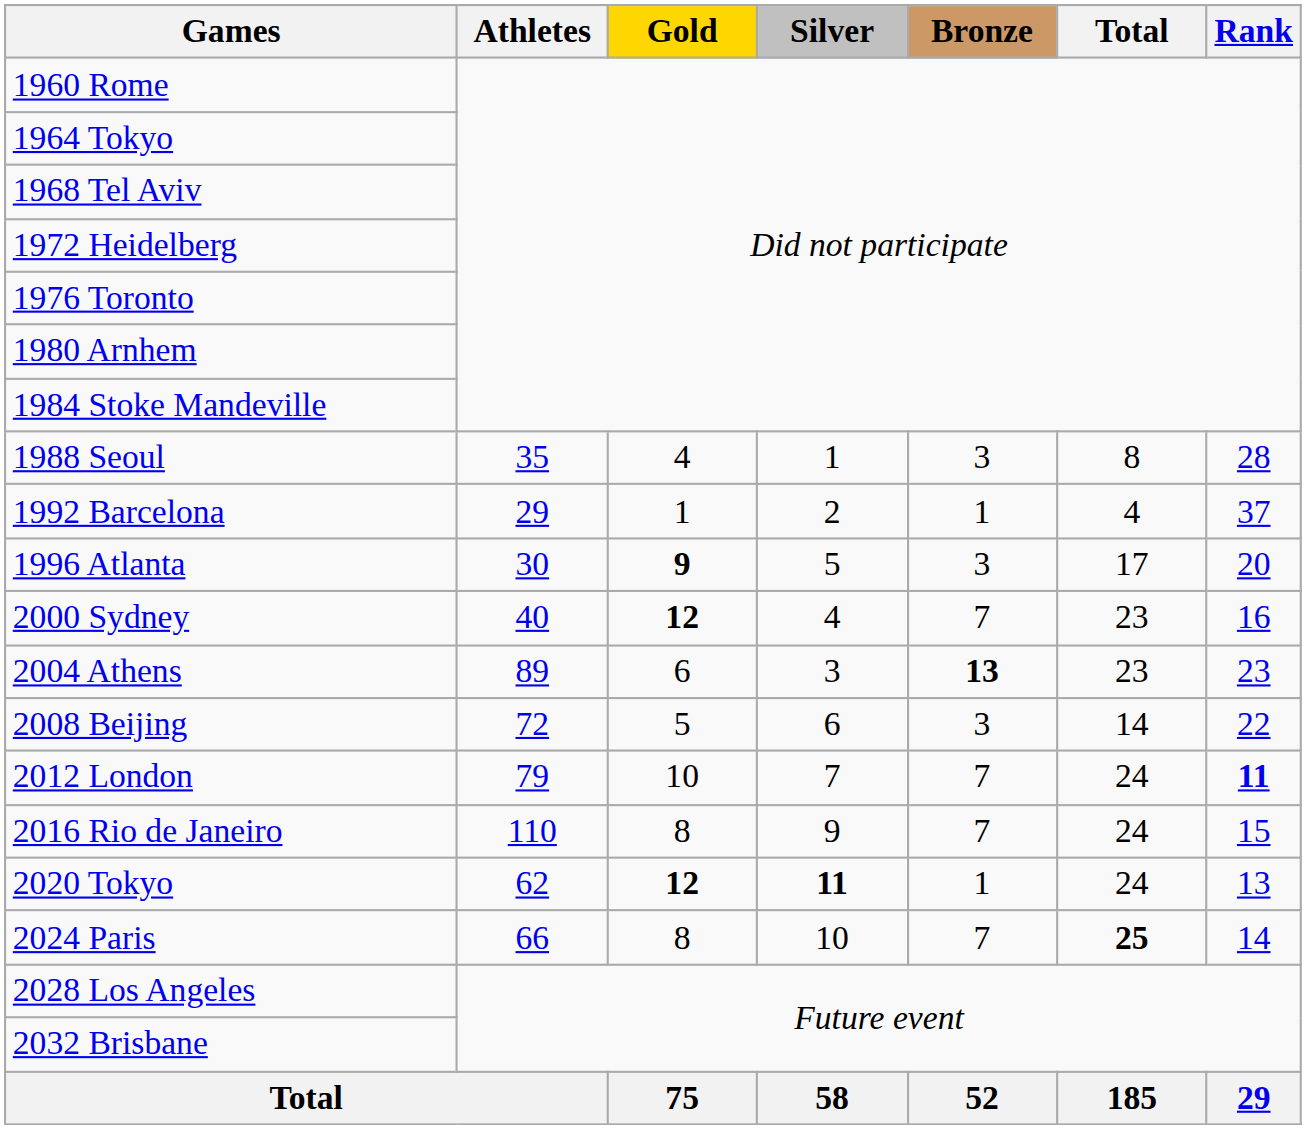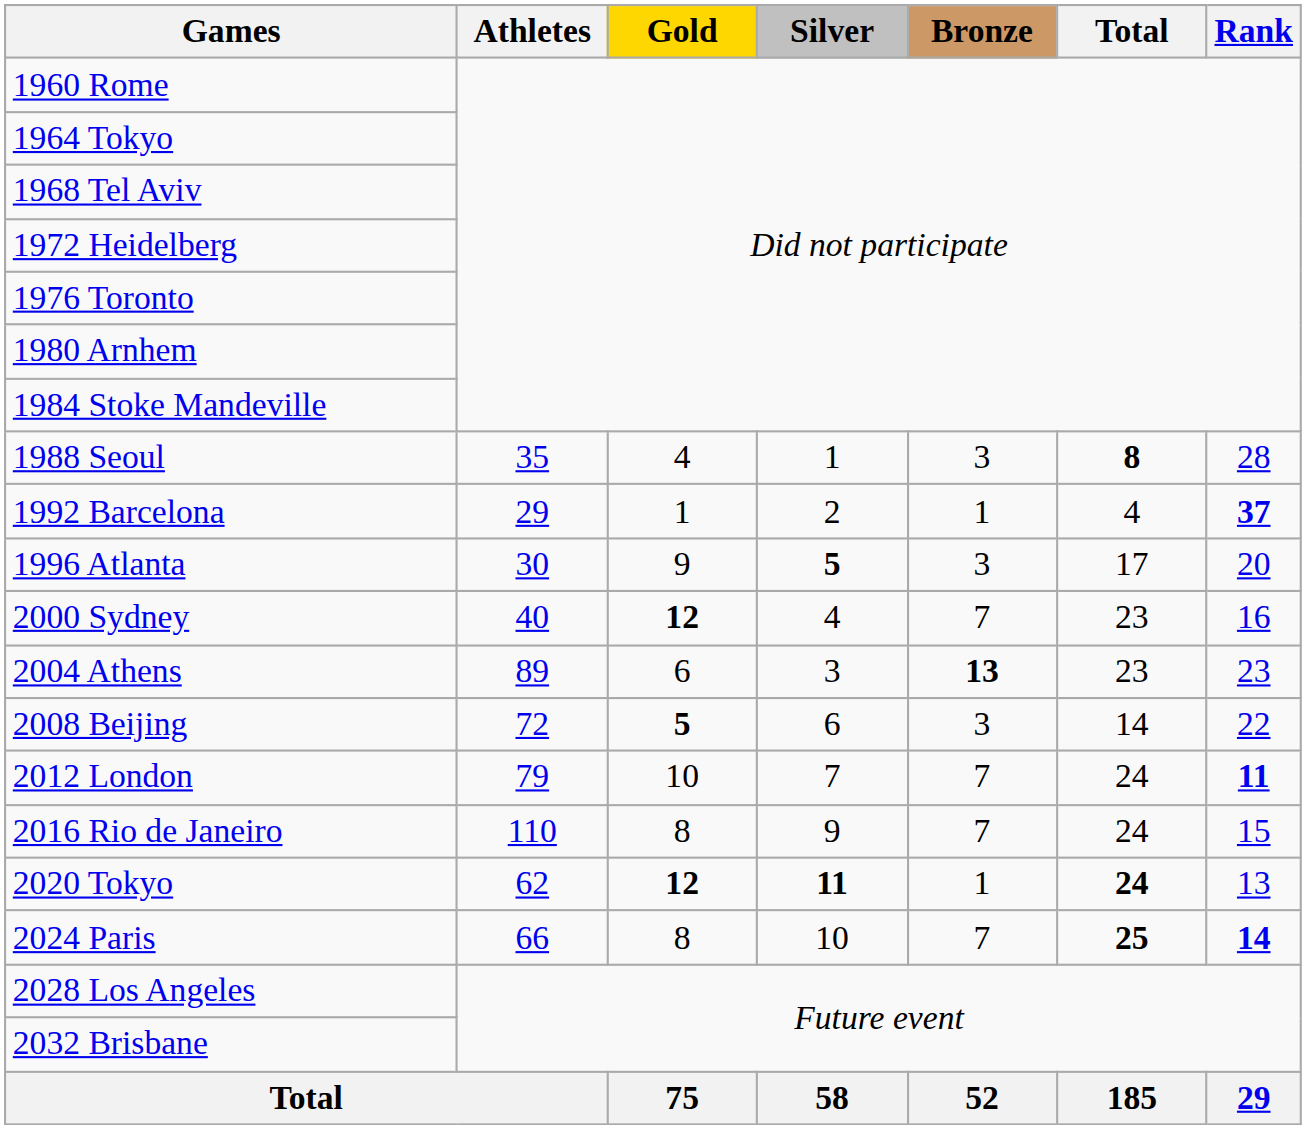 <table class="wikitable" style="text-align:center; font-size:100%;">
 <tr>
 <th style="width:13em;">Games</th>
 <th style="width:4em;">Athletes</th>
 <th style="width:4em; background:gold;">Gold</th>
 <th style="width:4em; background:silver;">Silver</th>
 <th style="width:4em; background:#cc9966;">Bronze</th>
 <th style="width:4em;">Total</th>
 <th style="width:2em;"><a href='#'>Rank</a></th>
 </tr>
 <tr>
 <td align=left> <a href='#'>1960 Rome</a></td>
 <td colspan=6 rowspan=7><em>Did not participate</em></td>
 </tr>
 <tr>
 <td align=left> <a href='#'>1964 Tokyo</a></td>
 </tr>
 <tr>
 <td align=left> <a href='#'>1968 Tel Aviv</a></td>
 </tr>
 <tr>
 <td align=left> <a href='#'>1972 Heidelberg</a></td>
 </tr>
 <tr>
 <td align=left> <a href='#'>1976 Toronto</a></td>
 </tr>
 <tr>
 <td align=left> <a href='#'>1980 Arnhem</a></td>
 </tr>
 <tr>
 <td align=left> <a href='#'>1984 Stoke Mandeville</a></td>
 </tr>
 <tr>
 <td align=left> <a href='#'>1988 Seoul</a></td>
 <td><a href='#'>35</a></td>
 <td>4</td>
 <td>1</td>
 <td>3</td>
-<td>8</td>
+<td><strong>8</strong></td>
 <td><a href='#'>28</a></td>
 </tr>
 <tr>
 <td align=left> <a href='#'>1992 Barcelona</a></td>
 <td><a href='#'>29</a></td>
 <td>1</td>
 <td>2</td>
 <td>1</td>
 <td>4</td>
-<td><a href='#'>37</a></td>
+<td><strong><a href='#'>37</a></strong></td>
 </tr>
 <tr>
 <td align=left> <a href='#'>1996 Atlanta</a></td>
 <td><a href='#'>30</a></td>
-<td><strong>9</strong></td>
-<td>5</td>
+<td>9</td>
+<td><strong>5</strong></td>
 <td>3</td>
 <td>17</td>
 <td><a href='#'>20</a></td>
 </tr>
 <tr>
 <td align=left> <a href='#'>2000 Sydney</a></td>
 <td><a href='#'>40</a></td>
 <td><strong>12</strong></td>
 <td>4</td>
 <td>7</td>
 <td>23</td>
 <td><a href='#'>16</a></td>
 </tr>
 <tr>
 <td align=left> <a href='#'>2004 Athens</a></td>
 <td><a href='#'>89</a></td>
 <td>6</td>
 <td>3</td>
 <td><strong>13</strong></td>
 <td>23</td>
 <td><a href='#'>23</a></td>
 </tr>
 <tr>
 <td align=left> <a href='#'>2008 Beijing</a></td>
 <td><a href='#'>72</a></td>
-<td>5</td>
+<td><strong>5</strong></td>
 <td>6</td>
 <td>3</td>
 <td>14</td>
 <td><a href='#'>22</a></td>
 </tr>
 <tr>
 <td align=left> <a href='#'>2012 London</a></td>
 <td><a href='#'>79</a></td>
 <td>10</td>
 <td>7</td>
 <td>7</td>
 <td>24</td>
 <td><a href='#'><strong>11</strong></a></td>
 </tr>
 <tr>
 <td align=left> <a href='#'>2016 Rio de Janeiro</a></td>
 <td><a href='#'>110</a></td>
 <td>8</td>
 <td>9</td>
 <td>7</td>
 <td>24</td>
 <td><a href='#'>15</a></td>
 </tr>
 <tr>
 <td align=left> <a href='#'>2020 Tokyo</a></td>
 <td><a href='#'>62</a></td>
 <td><strong>12</strong></td>
 <td><strong>11</strong></td>
 <td>1</td>
-<td>24</td>
+<td><strong>24</strong></td>
 <td><a href='#'>13</a></td>
 </tr>
 <tr>
 <td align=left> <a href='#'>2024 Paris</a></td>
 <td><a href='#'>66</a></td>
 <td>8</td>
 <td>10</td>
 <td>7</td>
 <td><strong>25</strong></td>
-<td><a href='#'>14</a></td>
+<td><strong><a href='#'>14</a></strong></td>
 </tr>
 <tr>
 <td align=left> <a href='#'>2028 Los Angeles</a></td>
 <td colspan=6 rowspan=2><em>Future event</em></td>
 </tr>
 <tr>
 <td align=left> <a href='#'>2032 Brisbane</a></td>
 </tr>
 <tr class="sortbottom">
 <th colspan=2>Total</th>
 <th>75</th>
 <th>58</th>
 <th>52</th>
 <th>185</th>
 <th><a href='#'>29</a></th>
 </tr>
 </table>
